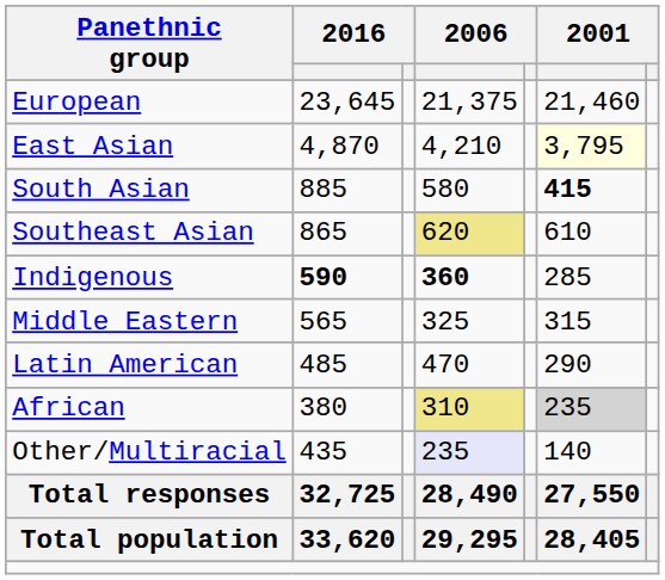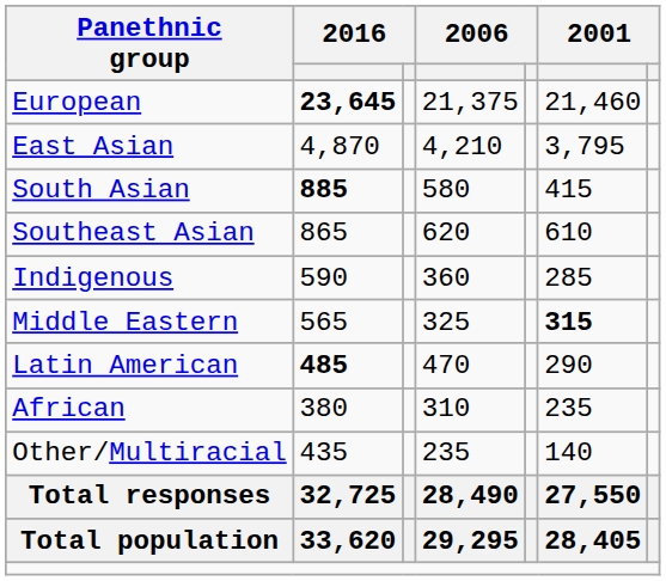 <table class="wikitable sortable">
 <tr>
 <th rowspan="2"><a href='#'>Panethnic</a><br>group</th>
 <th colspan="2">2016</th>
 <th colspan="2">2006</th>
 <th colspan="2">2001</th>
 </tr>
 <tr>
 <th><a href='#'></a></th>
 <th></th>
 <th></th>
 <th></th>
 <th></th>
 <th></th>
 </tr>
 <tr>
 <td><a href='#'>European</a></td>
-<td>23,645</td>
+<td><strong>23,645</strong></td>
 <td></td>
 <td>21,375</td>
 <td></td>
 <td>21,460</td>
 <td></td>
 </tr>
 <tr>
 <td><a href='#'>East Asian</a></td>
 <td>4,870</td>
 <td></td>
 <td>4,210</td>
 <td></td>
-<td style="background: lightyellow;">3,795</td>
+<td>3,795</td>
 <td></td>
 </tr>
 <tr>
 <td><a href='#'>South Asian</a></td>
-<td>885</td>
+<td><strong>885</strong></td>
 <td></td>
 <td>580</td>
 <td></td>
-<td><strong>415</strong></td>
+<td>415</td>
 <td></td>
 </tr>
 <tr>
 <td><a href='#'>Southeast Asian</a></td>
 <td>865</td>
 <td></td>
-<td style="background: khaki;">620</td>
+<td>620</td>
 <td></td>
 <td>610</td>
 <td></td>
 </tr>
 <tr>
 <td><a href='#'>Indigenous</a></td>
-<td><strong>590</strong></td>
+<td>590</td>
 <td></td>
-<td><strong>360</strong></td>
+<td>360</td>
 <td></td>
 <td>285</td>
 <td></td>
 </tr>
 <tr>
 <td><a href='#'>Middle Eastern</a></td>
 <td>565</td>
 <td></td>
 <td>325</td>
 <td></td>
-<td>315</td>
+<td><strong>315</strong></td>
 <td></td>
 </tr>
 <tr>
 <td><a href='#'>Latin American</a></td>
-<td>485</td>
+<td><strong>485</strong></td>
 <td></td>
 <td>470</td>
 <td></td>
 <td>290</td>
 <td></td>
 </tr>
 <tr>
 <td><a href='#'>African</a></td>
 <td>380</td>
 <td></td>
-<td style="background: khaki;">310</td>
+<td>310</td>
 <td></td>
-<td style="background: lightgrey;">235</td>
+<td>235</td>
 <td></td>
 </tr>
 <tr>
 <td>Other/<a href='#'>Multiracial</a></td>
 <td>435</td>
 <td></td>
-<td style="background: lavender;">235</td>
+<td>235</td>
 <td></td>
 <td>140</td>
 <td></td>
 </tr>
 <tr>
 <th>Total responses</th>
 <th>32,725</th>
 <th></th>
 <th>28,490</th>
 <th></th>
 <th>27,550</th>
 <th></th>
 </tr>
 <tr>
 <th>Total population</th>
 <th>33,620</th>
 <th></th>
 <th>29,295</th>
 <th></th>
 <th>28,405</th>
 <th></th>
 </tr>
 <tr class="sortbottom">
 <td colspan="10"></td>
 </tr>
 </table>
